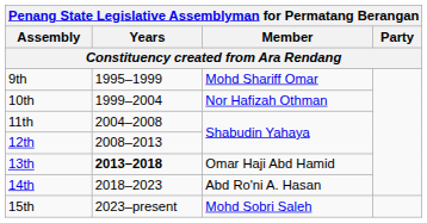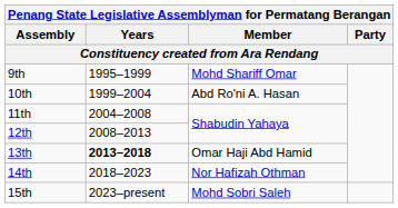 <table class="wikitable">
 <tr>
 <th colspan="4"><a href='#'>Penang State Legislative Assemblyman</a> for Permatang Berangan</th>
 </tr>
 <tr>
 <th>Assembly</th>
 <th>Years</th>
 <th>Member</th>
 <th>Party</th>
 </tr>
 <tr>
 <th colspan="4" align="center"><em>Constituency created from Ara Rendang</em></th>
 </tr>
 <tr>
 <td>9th</td>
 <td>1995–1999</td>
 <td><a href='#'>Mohd Shariff Omar</a></td>
 <td rowspan="6"></td>
 </tr>
 <tr>
 <td>10th</td>
 <td>1999–2004</td>
-<td><a href='#'>Nor Hafizah Othman</a></td>
+<td>Abd Ro'ni A. Hasan</td>
 </tr>
 <tr>
 <td>11th</td>
 <td>2004–2008</td>
 <td rowspan="2"><a href='#'>Shabudin Yahaya</a></td>
 </tr>
 <tr>
 <td><a href='#'>12th</a></td>
 <td>2008–2013</td>
 </tr>
 <tr>
 <td><a href='#'>13th</a></td>
 <td><strong>2013–2018</strong></td>
 <td>Omar Haji Abd Hamid</td>
 </tr>
 <tr>
 <td><a href='#'>14th</a></td>
 <td>2018–2023</td>
-<td>Abd Ro'ni A. Hasan</td>
+<td><a href='#'>Nor Hafizah Othman</a></td>
 </tr>
 <tr>
 <td>15th</td>
 <td>2023–present</td>
 <td><a href='#'>Mohd Sobri Saleh</a></td>
 <td></td>
 </tr>
 </table>
